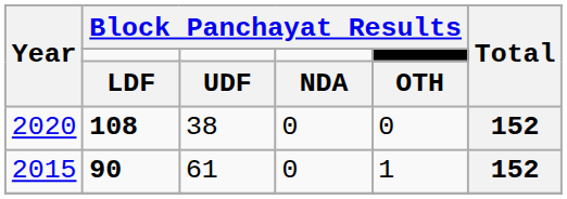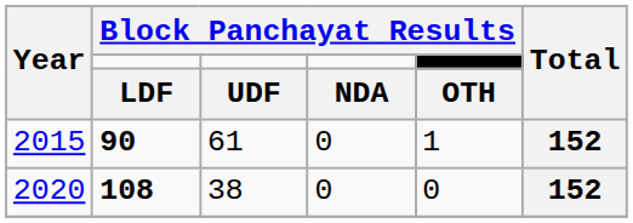 <table class="wikitable">
 <tr>
 <th rowspan="3">Year</th>
 <th colspan="4"><a href='#'>Block Panchayat Results</a></th>
 <th rowspan="3">Total</th>
 </tr>
 <tr>
 <td style="background:"></td>
 <td style="background:"></td>
 <td style="background:"></td>
 <td style="background:black"></td>
 </tr>
 <tr>
 <th>LDF</th>
 <th>UDF</th>
 <th>NDA</th>
 <th>OTH</th>
 </tr>
 <tr>
+<td><a href='#'>2015</a></td>
+<td><strong>90</strong></td>
+<td>61</td>
+<td>0</td>
+<td>1</td>
+<th>152</th>
+</tr>
+<tr>
 <td><a href='#'>2020</a></td>
 <td><strong>108</strong></td>
 <td>38</td>
 <td>0</td>
 <td>0</td>
 <th>152</th>
 </tr>
 <tr>
-<td><a href='#'>2015</a></td>
-<td><strong>90</strong></td>
-<td>61</td>
-<td>0</td>
-<td>1</td>
-<th>152</th>
-</tr>
-<tr>
 </tr>
 </table>
